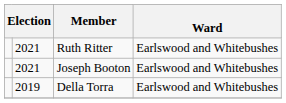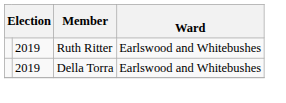 <table class="wikitable">
 <tr>
 <th colspan="2">Election</th>
 <th>Member</th>
 <th><br>Ward</th>
 </tr>
 <tr>
 <td style="background-color: "></td>
-<td>2021</td>
+<td>2019</td>
 <td>Ruth Ritter</td>
-<td>Earlswood and Whitebushes</td>
-</tr>
-<tr>
-<td style="background-color: "></td>
-<td>2021</td>
-<td>Joseph Booton</td>
 <td>Earlswood and Whitebushes</td>
 </tr>
 <tr>
 <td style="background-color: "></td>
 <td>2019</td>
 <td>Della Torra</td>
 <td>Earlswood and Whitebushes</td>
 </tr>
 <tr>
 </tr>
 </table>
